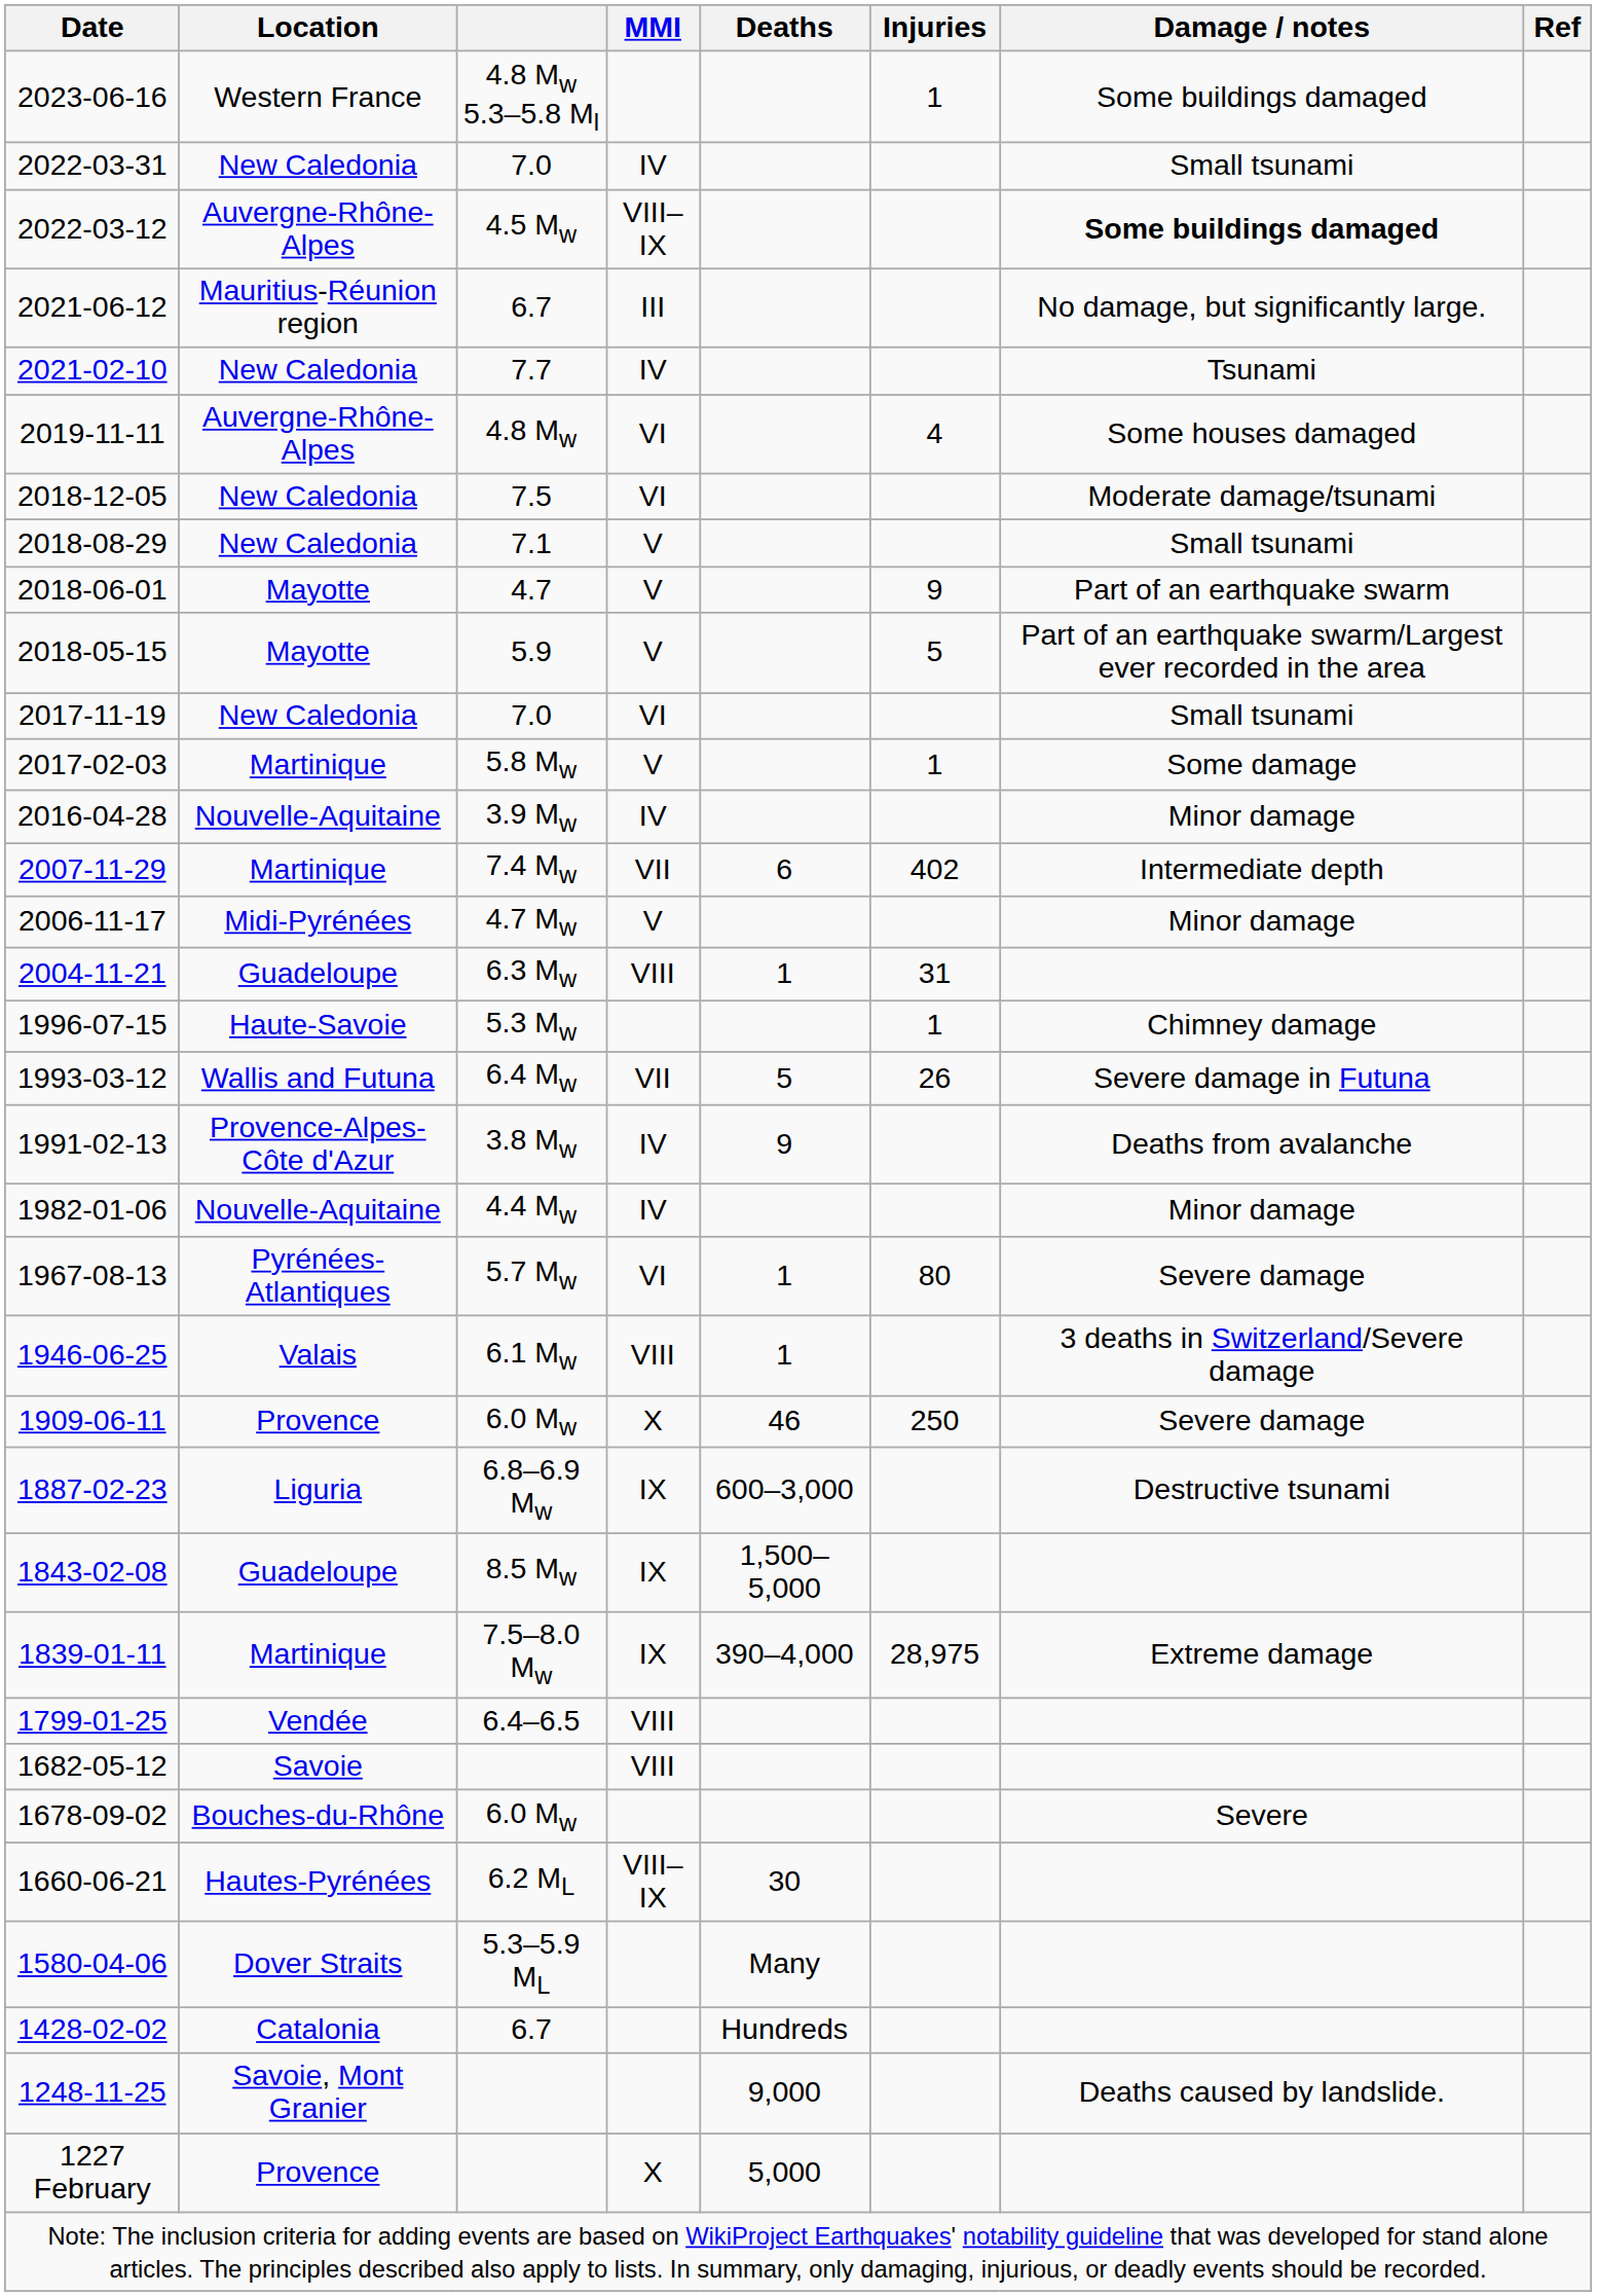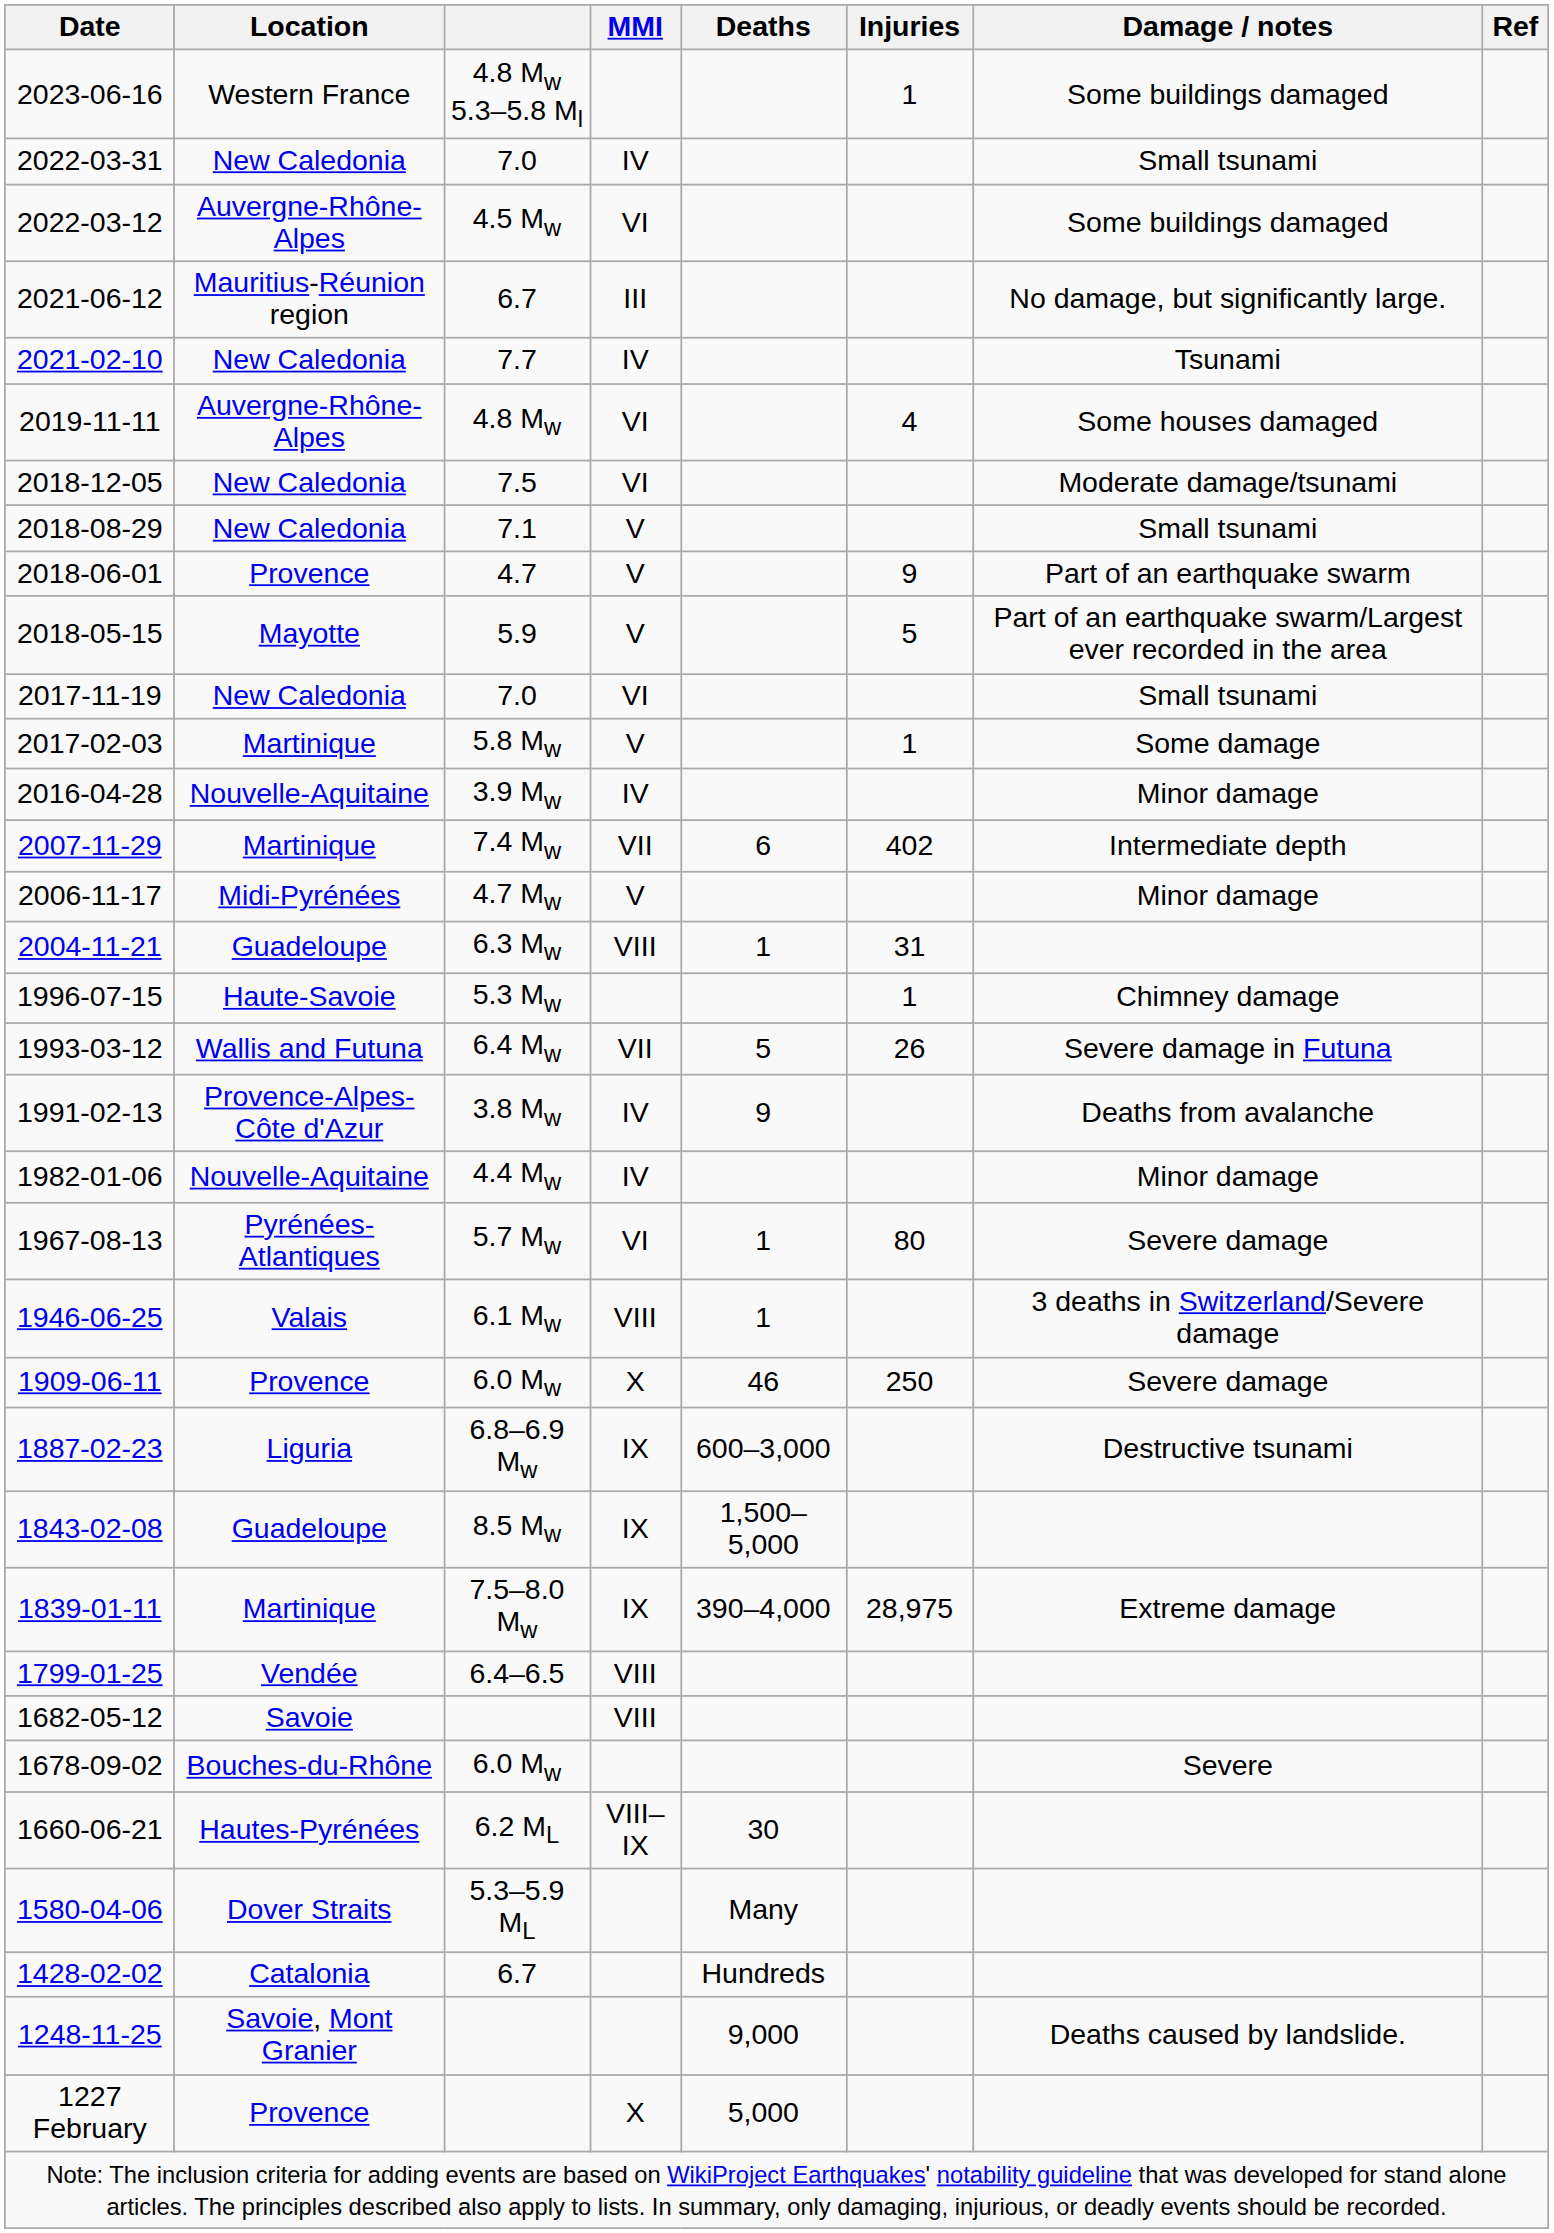 <table class="wikitable sortable" style="text-align: center;">
 <tr>
 <th>Date</th>
 <th>Location</th>
 <th></th>
 <th><a href='#'>MMI</a></th>
 <th>Deaths</th>
 <th>Injuries</th>
 <th>Damage / notes</th>
 <th scope="col" class="unsortable">Ref</th>
 </tr>
 <tr>
 <td>2023-06-16</td>
 <td>Western France</td>
 <td>4.8 M<sub>w</sub> 5.3–5.8 M<sub>l</sub></td>
 <td></td>
 <td></td>
 <td>1</td>
 <td>Some buildings damaged</td>
 <td></td>
 </tr>
 <tr>
 <td>2022-03-31</td>
 <td><a href='#'>New Caledonia</a></td>
 <td>7.0 </td>
 <td>IV</td>
 <td></td>
 <td></td>
 <td>Small tsunami</td>
 <td></td>
 </tr>
 <tr>
 <td>2022-03-12</td>
 <td><a href='#'>Auvergne-Rhône-Alpes</a></td>
 <td>4.5 M<sub>w</sub></td>
-<td>VIII–IX</td>
+<td>VI</td>
 <td></td>
 <td></td>
-<td><strong>Some buildings damaged</strong></td>
+<td>Some buildings damaged</td>
 <td></td>
 </tr>
 <tr>
 <td>2021-06-12</td>
 <td><a href='#'>Mauritius</a>-<a href='#'>Réunion</a> region</td>
 <td>6.7 </td>
 <td>III</td>
 <td></td>
 <td></td>
 <td>No damage, but significantly large.</td>
 <td></td>
 </tr>
 <tr>
 <td><a href='#'>2021-02-10</a></td>
 <td><a href='#'>New Caledonia</a></td>
 <td>7.7 </td>
 <td>IV</td>
 <td></td>
 <td></td>
 <td>Tsunami</td>
 <td></td>
 </tr>
 <tr>
 <td>2019-11-11</td>
 <td><a href='#'>Auvergne-Rhône-Alpes</a></td>
 <td>4.8 M<sub>w</sub></td>
 <td>VI</td>
 <td></td>
 <td>4</td>
 <td>Some houses damaged</td>
 <td></td>
 </tr>
 <tr>
 <td>2018-12-05</td>
 <td><a href='#'>New Caledonia</a></td>
 <td>7.5 </td>
 <td>VI</td>
 <td></td>
 <td></td>
 <td>Moderate damage/tsunami</td>
 <td></td>
 </tr>
 <tr>
 <td>2018-08-29</td>
 <td><a href='#'>New Caledonia</a></td>
 <td>7.1 </td>
 <td>V</td>
 <td></td>
 <td></td>
 <td>Small tsunami</td>
 <td></td>
 </tr>
 <tr>
 <td>2018-06-01</td>
-<td><a href='#'>Mayotte</a></td>
+<td><a href='#'>Provence</a></td>
 <td>4.7 </td>
 <td>V</td>
 <td></td>
 <td>9</td>
 <td>Part of an earthquake swarm</td>
 <td></td>
 </tr>
 <tr>
 <td>2018-05-15</td>
 <td><a href='#'>Mayotte</a></td>
 <td>5.9 </td>
 <td>V</td>
 <td></td>
 <td>5</td>
 <td>Part of an earthquake swarm/Largest ever recorded in the area</td>
 <td></td>
 </tr>
 <tr>
 <td>2017-11-19</td>
 <td><a href='#'>New Caledonia</a></td>
 <td>7.0 </td>
 <td>VI</td>
 <td></td>
 <td></td>
 <td>Small tsunami</td>
 <td></td>
 </tr>
 <tr>
 <td>2017-02-03</td>
 <td><a href='#'>Martinique</a></td>
 <td>5.8 M<sub>w</sub></td>
 <td>V</td>
 <td></td>
 <td>1</td>
 <td>Some damage</td>
 <td></td>
 </tr>
 <tr>
 <td>2016-04-28</td>
 <td><a href='#'>Nouvelle-Aquitaine</a></td>
 <td>3.9 M<sub>w</sub></td>
 <td>IV</td>
 <td></td>
 <td></td>
 <td>Minor damage</td>
 <td></td>
 </tr>
 <tr>
 <td><a href='#'>2007-11-29</a></td>
 <td><a href='#'>Martinique</a></td>
 <td>7.4 M<sub>w</sub></td>
 <td>VII</td>
 <td>6</td>
 <td>402</td>
 <td>Intermediate depth</td>
 <td></td>
 </tr>
 <tr>
 <td>2006-11-17</td>
 <td><a href='#'>Midi-Pyrénées</a></td>
 <td>4.7 M<sub>w</sub></td>
 <td>V</td>
 <td></td>
 <td></td>
 <td>Minor damage</td>
 <td></td>
 </tr>
 <tr>
 <td><a href='#'>2004-11-21</a></td>
 <td><a href='#'>Guadeloupe</a></td>
 <td>6.3 M<sub>w</sub></td>
 <td>VIII</td>
 <td>1</td>
 <td>31</td>
 <td></td>
 <td></td>
 </tr>
 <tr>
 <td>1996-07-15</td>
 <td><a href='#'>Haute-Savoie</a></td>
 <td>5.3 M<sub>w</sub></td>
 <td></td>
 <td></td>
 <td>1</td>
 <td>Chimney damage</td>
 <td></td>
 </tr>
 <tr>
 <td>1993-03-12</td>
 <td><a href='#'>Wallis and Futuna</a></td>
 <td>6.4 M<sub>w</sub></td>
 <td>VII</td>
 <td>5</td>
 <td>26</td>
 <td>Severe damage in <a href='#'>Futuna</a></td>
 <td></td>
 </tr>
 <tr>
 <td>1991-02-13</td>
 <td><a href='#'>Provence-Alpes-Côte d'Azur</a></td>
 <td>3.8 M<sub>w</sub></td>
 <td>IV</td>
 <td>9</td>
 <td></td>
 <td>Deaths from avalanche</td>
 <td></td>
 </tr>
 <tr>
 <td>1982-01-06</td>
 <td><a href='#'>Nouvelle-Aquitaine</a></td>
 <td>4.4 M<sub>w</sub></td>
 <td>IV</td>
 <td></td>
 <td></td>
 <td>Minor damage</td>
 <td></td>
 </tr>
 <tr>
 <td>1967-08-13</td>
 <td><a href='#'>Pyrénées-Atlantiques</a></td>
 <td>5.7 M<sub>w</sub></td>
 <td>VI</td>
 <td>1</td>
 <td>80</td>
 <td>Severe damage</td>
 <td></td>
 </tr>
 <tr>
 <td><a href='#'>1946-06-25</a></td>
 <td><a href='#'>Valais</a></td>
 <td>6.1 M<sub>w</sub></td>
 <td>VIII</td>
 <td>1</td>
 <td></td>
 <td>3 deaths in <a href='#'>Switzerland</a>/Severe damage</td>
 <td></td>
 </tr>
 <tr>
 <td><a href='#'>1909-06-11</a></td>
 <td><a href='#'>Provence</a></td>
 <td>6.0 M<sub>w</sub></td>
 <td>X</td>
 <td>46</td>
 <td>250</td>
 <td>Severe damage</td>
 <td></td>
 </tr>
 <tr>
 <td><a href='#'>1887-02-23</a></td>
 <td><a href='#'>Liguria</a></td>
 <td>6.8–6.9 M<sub>w</sub></td>
 <td>IX</td>
 <td>600–3,000</td>
 <td></td>
 <td>Destructive tsunami</td>
 <td></td>
 </tr>
 <tr>
 <td><a href='#'>1843-02-08</a></td>
 <td><a href='#'>Guadeloupe</a></td>
 <td>8.5 M<sub>w</sub></td>
 <td>IX</td>
 <td>1,500–5,000</td>
 <td></td>
 <td></td>
 <td></td>
 </tr>
 <tr>
 <td><a href='#'>1839-01-11</a></td>
 <td><a href='#'>Martinique</a></td>
 <td>7.5–8.0 M<sub>w</sub></td>
 <td>IX</td>
 <td>390–4,000</td>
 <td>28,975</td>
 <td>Extreme damage</td>
 <td></td>
 </tr>
 <tr>
 <td><a href='#'>1799-01-25</a></td>
 <td><a href='#'>Vendée</a></td>
 <td>6.4–6.5</td>
 <td>VIII</td>
 <td></td>
 <td></td>
 <td></td>
 <td></td>
 </tr>
 <tr>
 <td>1682-05-12</td>
 <td><a href='#'>Savoie</a></td>
 <td></td>
 <td>VIII</td>
 <td></td>
 <td></td>
 <td></td>
 <td></td>
 </tr>
 <tr>
 <td>1678-09-02</td>
 <td><a href='#'>Bouches-du-Rhône</a></td>
 <td>6.0 M<sub>w</sub></td>
 <td></td>
 <td></td>
 <td></td>
 <td>Severe</td>
 <td></td>
 </tr>
 <tr>
 <td>1660-06-21</td>
 <td><a href='#'>Hautes-Pyrénées</a></td>
 <td>6.2 M<sub>L</sub></td>
 <td>VIII–IX</td>
 <td>30</td>
 <td></td>
 <td></td>
 <td></td>
 </tr>
 <tr>
 <td><a href='#'>1580-04-06</a></td>
 <td><a href='#'>Dover Straits</a></td>
 <td>5.3–5.9 M<sub>L</sub></td>
 <td></td>
 <td>Many</td>
 <td></td>
 <td></td>
 <td></td>
 </tr>
 <tr>
 <td><a href='#'>1428-02-02</a></td>
 <td><a href='#'>Catalonia</a></td>
 <td>6.7</td>
 <td></td>
 <td>Hundreds</td>
 <td></td>
 <td></td>
 <td></td>
 </tr>
 <tr>
 <td><a href='#'>1248-11-25</a></td>
 <td><a href='#'>Savoie</a>, <a href='#'>Mont Granier</a></td>
 <td></td>
 <td></td>
 <td>9,000</td>
 <td></td>
 <td>Deaths caused by landslide.</td>
 <td></td>
 </tr>
 <tr>
 <td>1227 February</td>
 <td><a href='#'>Provence</a></td>
 <td></td>
 <td>X</td>
 <td>5,000</td>
 <td></td>
 <td></td>
 <td></td>
 </tr>
 <tr class="sortbottom">
 <td colspan="11" style="text-align: center;"><small>Note: The inclusion criteria for adding events are based on <a href='#'>WikiProject Earthquakes</a>' <a href='#'>notability guideline</a> that was developed for stand alone articles. The principles described also apply to lists. In summary, only damaging, injurious, or deadly events should be recorded.</small></td>
 </tr>
 </table>
